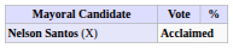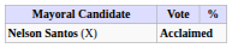 <table class="wikitable">
 <tr>
 <th style="background:#ddf; width:200px;">Mayoral Candidate</th>
 <th style="background:#ddf; width:50px;">Vote</th>
 <th style="background:#ddf; width:30px;">%</th>
 </tr>
 <tr>
-<td style="background: lavender;"><strong>Nelson Santos</strong> (X)</td>
+<td><strong>Nelson Santos</strong> (X)</td>
 <td colspan="2"><strong>Acclaimed</strong></td>
 </tr>
 </table>
